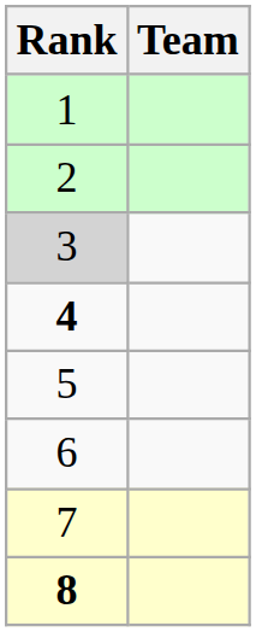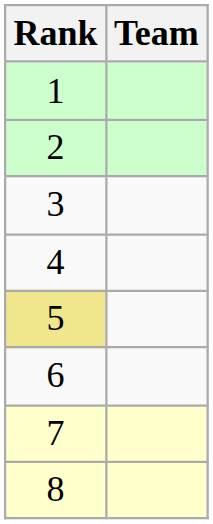 <table class=wikitable style="text-align: center;">
 <tr>
 <th>Rank</th>
 <th>Team</th>
 </tr>
 <tr style="background: #CCFFCC;">
 <td>1</td>
 <td style="text-align: left;"></td>
 </tr>
 <tr style="background: #CCFFCC;">
 <td>2</td>
 <td style="text-align: left;"></td>
 </tr>
 <tr>
-<td style="background: lightgrey;">3</td>
+<td>3</td>
 <td style="text-align: left;"></td>
 </tr>
 <tr>
-<td><strong>4</strong></td>
+<td>4</td>
 <td style="text-align: left;"></td>
 </tr>
 <tr>
-<td>5</td>
+<td style="background: khaki;">5</td>
 <td style="text-align: left;"></td>
 </tr>
 <tr>
 <td>6</td>
 <td style="text-align: left;"></td>
 </tr>
 <tr style="background: #FFFFCC;">
 <td>7</td>
 <td style="text-align: left;"></td>
 </tr>
 <tr style="background: #FFFFCC;">
-<td><strong>8</strong></td>
+<td>8</td>
 <td style="text-align: left;"></td>
 </tr>
 </table>
